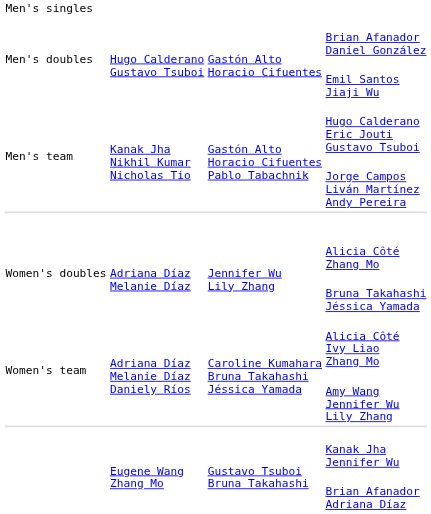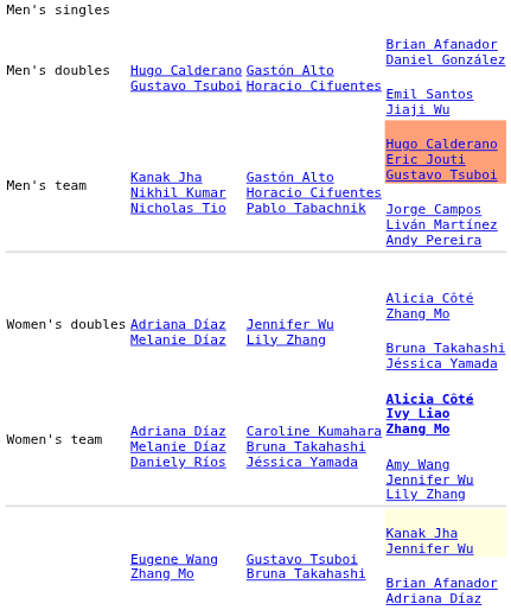 <table>
 <tr>
 <td rowspan=2>Men's singles<br></td>
 <td rowspan=2></td>
 <td rowspan=2></td>
 <td></td>
 </tr>
 <tr>
 <td></td>
 </tr>
 <tr>
 <td rowspan=2>Men's doubles<br></td>
 <td rowspan=2><br><a href='#'>Hugo Calderano</a><br><a href='#'>Gustavo Tsuboi</a></td>
 <td rowspan=2><br><a href='#'>Gastón Alto</a><br><a href='#'>Horacio Cifuentes</a></td>
 <td><br><a href='#'>Brian Afanador</a><br><a href='#'>Daniel González</a></td>
 </tr>
 <tr>
 <td><br><a href='#'>Emil Santos</a><br><a href='#'>Jiaji Wu</a></td>
 </tr>
 <tr>
 <td rowspan=2>Men's team<br></td>
 <td rowspan=2><br><a href='#'>Kanak Jha</a><br><a href='#'>Nikhil Kumar</a><br><a href='#'>Nicholas Tio</a></td>
 <td rowspan=2><br><a href='#'>Gastón Alto</a><br><a href='#'>Horacio Cifuentes</a><br><a href='#'>Pablo Tabachnik</a></td>
-<td><br><a href='#'>Hugo Calderano</a><br><a href='#'>Eric Jouti</a><br><a href='#'>Gustavo Tsuboi</a></td>
+<td style="background: lightsalmon;"><br><a href='#'>Hugo Calderano</a><br><a href='#'>Eric Jouti</a><br><a href='#'>Gustavo Tsuboi</a></td>
 </tr>
 <tr>
 <td><br><a href='#'>Jorge Campos</a><br><a href='#'>Liván Martínez</a><br><a href='#'>Andy Pereira</a></td>
 </tr>
 <tr bgcolor=#DDDDDD>
 <td colspan=7></td>
 </tr>
 <tr>
 <td rowspan=2><br></td>
 <td rowspan=2></td>
 <td rowspan=2></td>
 <td></td>
 </tr>
 <tr>
 <td></td>
 </tr>
 <tr>
 <td rowspan=2>Women's doubles<br></td>
 <td rowspan=2><br><a href='#'>Adriana Díaz</a> <br> <a href='#'>Melanie Díaz</a></td>
 <td rowspan=2><br><a href='#'>Jennifer Wu</a> <br> <a href='#'>Lily Zhang</a></td>
 <td><br><a href='#'>Alicia Côté</a><br><a href='#'>Zhang Mo</a></td>
 </tr>
 <tr>
 <td><br><a href='#'>Bruna Takahashi</a><br><a href='#'>Jéssica Yamada</a></td>
 </tr>
 <tr>
 <td rowspan=2>Women's team<br></td>
 <td rowspan=2><br><a href='#'>Adriana Díaz</a><br><a href='#'>Melanie Díaz</a><br><a href='#'>Daniely Ríos</a></td>
 <td rowspan=2><br><a href='#'>Caroline Kumahara</a><br><a href='#'>Bruna Takahashi</a><br><a href='#'>Jéssica Yamada</a></td>
-<td><br><a href='#'>Alicia Côté</a><br><a href='#'>Ivy Liao</a><br><a href='#'>Zhang Mo</a></td>
+<td><strong><br><a href='#'>Alicia Côté</a><br><a href='#'>Ivy Liao</a><br><a href='#'>Zhang Mo</a></strong></td>
 </tr>
 <tr>
 <td><br><a href='#'>Amy Wang</a><br><a href='#'>Jennifer Wu</a><br><a href='#'>Lily Zhang</a></td>
 </tr>
 <tr bgcolor=#DDDDDD>
 <td colspan=7></td>
 </tr>
 <tr>
 <td rowspan=2><br></td>
 <td rowspan=2><br><a href='#'>Eugene Wang</a> <br> <a href='#'>Zhang Mo</a></td>
 <td rowspan=2><br><a href='#'>Gustavo Tsuboi</a> <br> <a href='#'>Bruna Takahashi</a></td>
-<td><br><a href='#'>Kanak Jha</a><br><a href='#'>Jennifer Wu</a></td>
+<td style="background: lightyellow;"><br><a href='#'>Kanak Jha</a><br><a href='#'>Jennifer Wu</a></td>
 </tr>
 <tr>
 <td><br><a href='#'>Brian Afanador</a><br><a href='#'>Adriana Díaz</a></td>
 </tr>
 </table>
